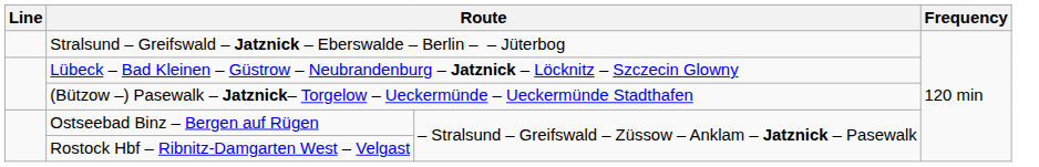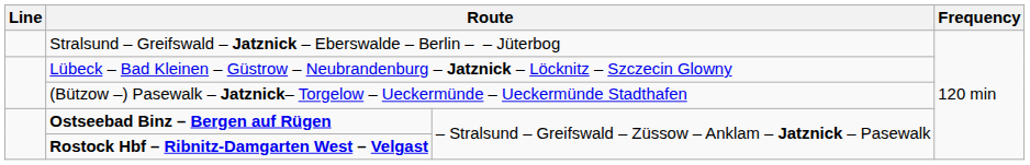 <table class="wikitable">
 <tr>
 <th>Line</th>
 <th colspan="2">Route</th>
 <th>Frequency</th>
 </tr>
 <tr>
 <td style="text-align:center"></td>
 <td colspan="2">Stralsund – Greifswald – <strong>Jatznick</strong> – Eberswalde – Berlin –  – Jüterbog</td>
 <td rowspan="5">120 min</td>
 </tr>
 <tr>
 <td rowspan="2" style="text-align:center"></td>
 <td colspan="2"><a href='#'>Lübeck</a> – <a href='#'>Bad Kleinen</a> – <a href='#'>Güstrow</a> – <a href='#'>Neubrandenburg</a> – <strong>Jatznick</strong> – <a href='#'>Löcknitz</a> – <a href='#'>Szczecin Glowny</a></td>
 </tr>
 <tr>
 <td colspan="2">(Bützow  –) Pasewalk – <strong>Jatznick</strong>– <a href='#'>Torgelow</a> – <a href='#'>Ueckermünde</a> – <a href='#'>Ueckermünde Stadthafen</a></td>
 </tr>
 <tr>
 <td rowspan="2"></td>
-<td>Ostseebad Binz – <a href='#'>Bergen auf Rügen</a></td>
+<td><strong>Ostseebad Binz – <a href='#'>Bergen auf Rügen</a></strong></td>
 <td rowspan="2">– Stralsund – Greifswald – Züssow – Anklam – <strong>Jatznick</strong> – Pasewalk</td>
 </tr>
 <tr>
-<td>Rostock Hbf – <a href='#'>Ribnitz-Damgarten West</a> – <a href='#'>Velgast</a></td>
+<td><strong>Rostock Hbf – <a href='#'>Ribnitz-Damgarten West</a> – <a href='#'>Velgast</a></strong></td>
 </tr>
 </table>
